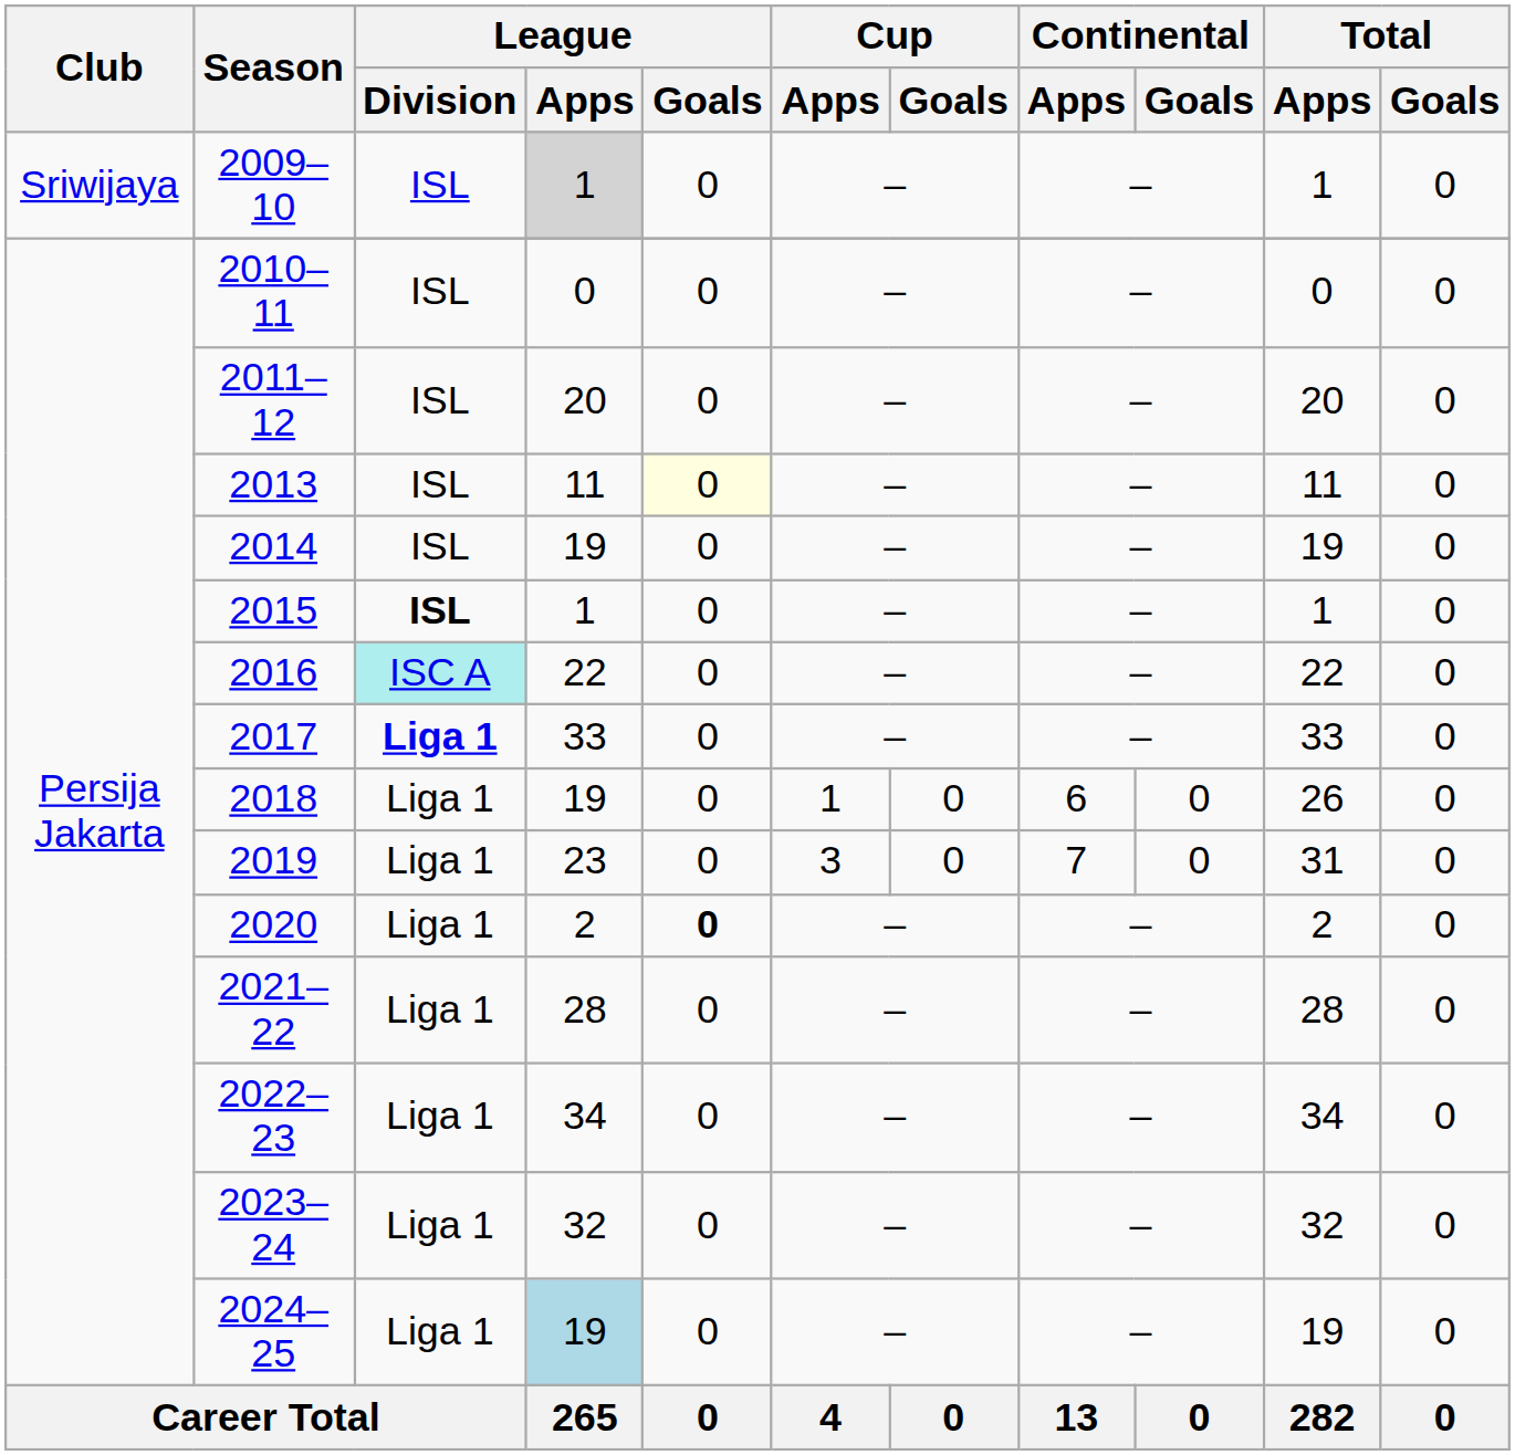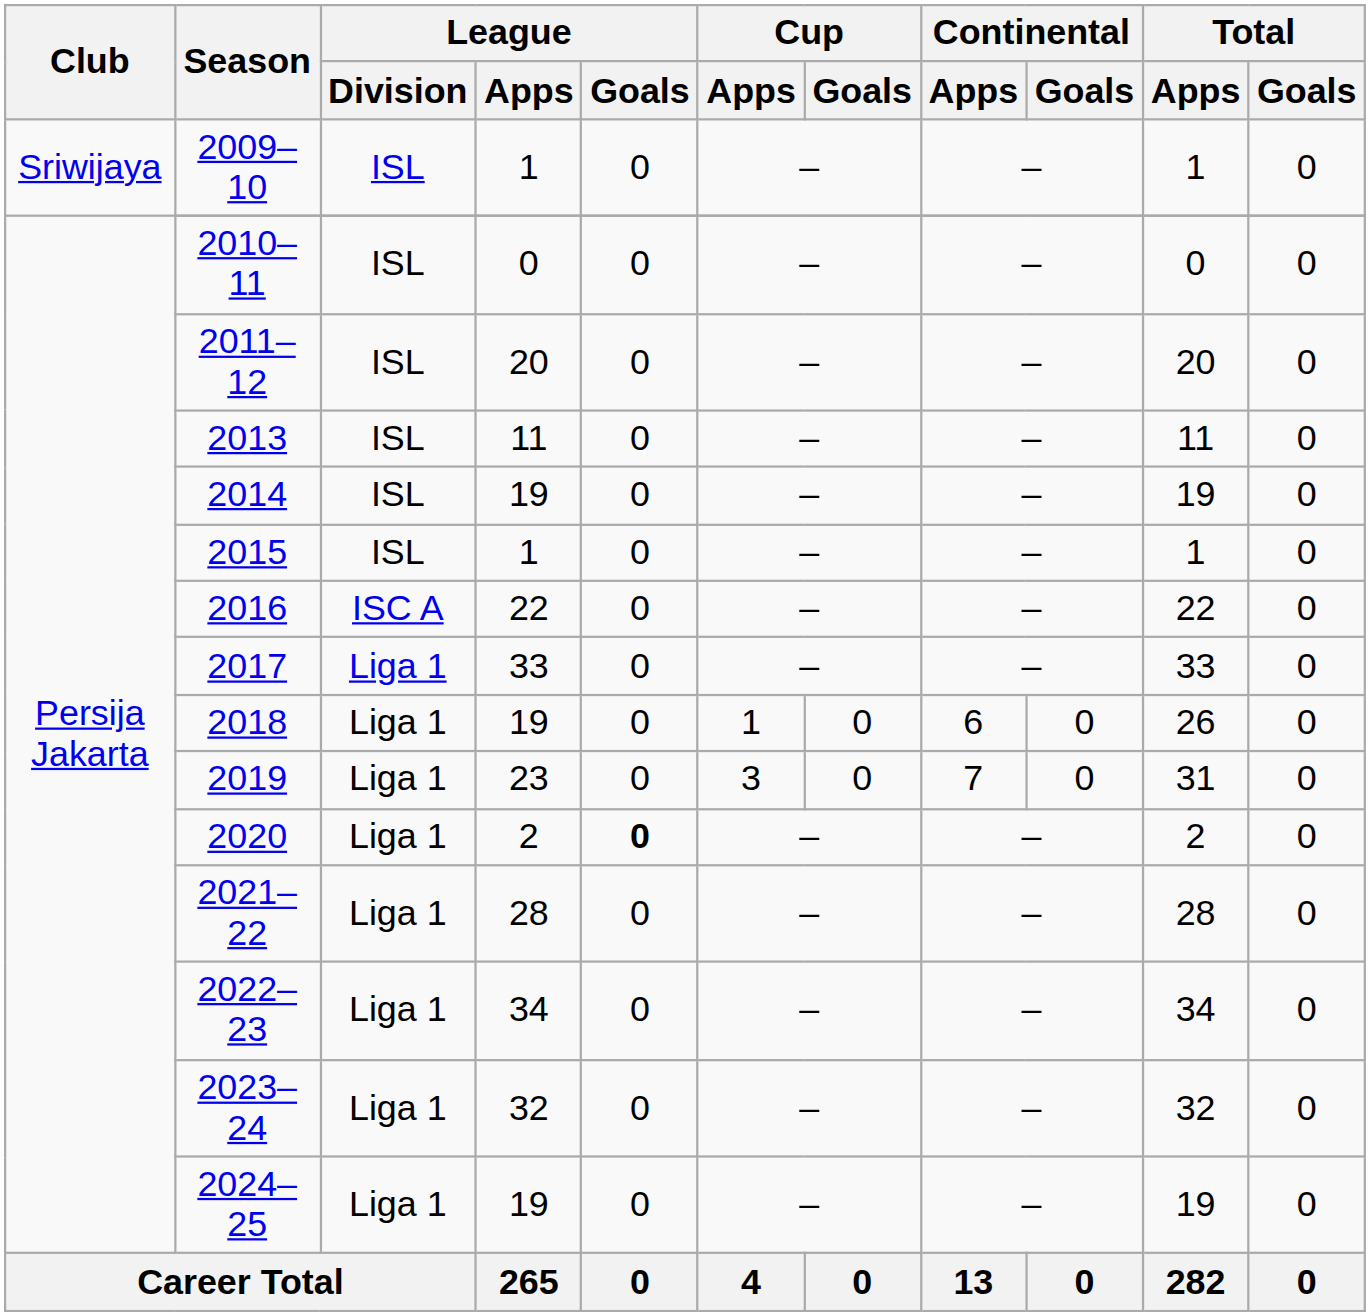 <table class=wikitable style="text-align:center">
 <tr>
 <th rowspan=2>Club</th>
 <th rowspan=2>Season</th>
 <th colspan=3>League</th>
 <th colspan=2>Cup</th>
 <th colspan=2>Continental</th>
 <th colspan=2>Total</th>
 </tr>
 <tr>
 <th>Division</th>
 <th>Apps</th>
 <th>Goals</th>
 <th>Apps</th>
 <th>Goals</th>
 <th>Apps</th>
 <th>Goals</th>
 <th>Apps</th>
 <th>Goals</th>
 </tr>
 <tr>
 <td><a href='#'>Sriwijaya</a></td>
 <td><a href='#'>2009–10</a></td>
 <td><a href='#'>ISL</a></td>
-<td style="background: lightgrey;">1</td>
+<td>1</td>
 <td>0</td>
 <td colspan=2>–</td>
 <td colspan=2>–</td>
 <td>1</td>
 <td>0</td>
 </tr>
 <tr>
 <td rowspan="15"><a href='#'>Persija Jakarta</a></td>
 </tr>
 <tr>
 <td><a href='#'>2010–11</a></td>
 <td rowspan="1">ISL</td>
 <td>0</td>
 <td>0</td>
 <td colspan=2>–</td>
 <td colspan=2>–</td>
 <td>0</td>
 <td>0</td>
 </tr>
 <tr>
 <td><a href='#'>2011–12</a></td>
 <td rowspan="1">ISL</td>
 <td>20</td>
 <td>0</td>
 <td colspan=2>–</td>
 <td colspan=2>–</td>
 <td>20</td>
 <td>0</td>
 </tr>
 <tr>
 <td><a href='#'>2013</a></td>
 <td rowspan="1">ISL</td>
 <td>11</td>
-<td style="background: lightyellow;">0</td>
+<td>0</td>
 <td colspan=2>–</td>
 <td colspan=2>–</td>
 <td>11</td>
 <td>0</td>
 </tr>
 <tr>
 <td><a href='#'>2014</a></td>
 <td rowspan="1">ISL</td>
 <td>19</td>
 <td>0</td>
 <td colspan=2>–</td>
 <td colspan=2>–</td>
 <td>19</td>
 <td>0</td>
 </tr>
 <tr>
 <td><a href='#'>2015</a></td>
-<td rowspan="1"><strong>ISL</strong></td>
+<td rowspan="1">ISL</td>
 <td>1</td>
 <td>0</td>
 <td colspan=2>–</td>
 <td colspan=2>–</td>
 <td>1</td>
 <td>0</td>
 </tr>
 <tr>
 <td><a href='#'>2016</a></td>
-<td style="background: paleturquoise;"><a href='#'>ISC A</a></td>
+<td><a href='#'>ISC A</a></td>
 <td>22</td>
 <td>0</td>
 <td colspan=2>–</td>
 <td colspan=2>–</td>
 <td>22</td>
 <td>0</td>
 </tr>
 <tr>
 <td><a href='#'>2017</a></td>
-<td rowspan="1"><strong><a href='#'>Liga 1</a></strong></td>
+<td rowspan="1"><a href='#'>Liga 1</a></td>
 <td>33</td>
 <td>0</td>
 <td colspan=2>–</td>
 <td colspan=2>–</td>
 <td>33</td>
 <td>0</td>
 </tr>
 <tr>
 <td><a href='#'>2018</a></td>
 <td rowspan="1" valign="center">Liga 1</td>
 <td>19</td>
 <td>0</td>
 <td>1</td>
 <td>0</td>
 <td>6</td>
 <td>0</td>
 <td>26</td>
 <td>0</td>
 </tr>
 <tr>
 <td><a href='#'>2019</a></td>
 <td rowspan="1" valign="center">Liga 1</td>
 <td>23</td>
 <td>0</td>
 <td>3</td>
 <td>0</td>
 <td>7</td>
 <td>0</td>
 <td>31</td>
 <td>0</td>
 </tr>
 <tr>
 <td><a href='#'>2020</a></td>
 <td rowspan="1" valign="center">Liga 1</td>
 <td>2</td>
 <td><strong>0</strong></td>
 <td colspan=2>–</td>
 <td colspan=2>–</td>
 <td>2</td>
 <td>0</td>
 </tr>
 <tr>
 <td><a href='#'>2021–22</a></td>
 <td rowspan="1" valign="center">Liga 1</td>
 <td>28</td>
 <td>0</td>
 <td colspan=2>–</td>
 <td colspan=2>–</td>
 <td>28</td>
 <td>0</td>
 </tr>
 <tr>
 <td><a href='#'>2022–23</a></td>
 <td rowspan="1" valign="center">Liga 1</td>
 <td>34</td>
 <td>0</td>
 <td colspan=2>–</td>
 <td colspan=2>–</td>
 <td>34</td>
 <td>0</td>
 </tr>
 <tr>
 <td><a href='#'>2023–24</a></td>
 <td rowspan="1">Liga 1</td>
 <td>32</td>
 <td>0</td>
 <td colspan=2>–</td>
 <td colspan=2>–</td>
 <td>32</td>
 <td>0</td>
 </tr>
 <tr>
 <td><a href='#'>2024–25</a></td>
 <td rowspan="1">Liga 1</td>
-<td style="background: lightblue;">19</td>
+<td>19</td>
 <td>0</td>
 <td colspan=2>–</td>
 <td colspan=2>–</td>
 <td>19</td>
 <td>0</td>
 </tr>
 <tr>
 <th colspan="3">Career Total</th>
 <th>265</th>
 <th>0</th>
 <th>4</th>
 <th>0</th>
 <th>13</th>
 <th>0</th>
 <th>282</th>
 <th>0</th>
 </tr>
 </table>
